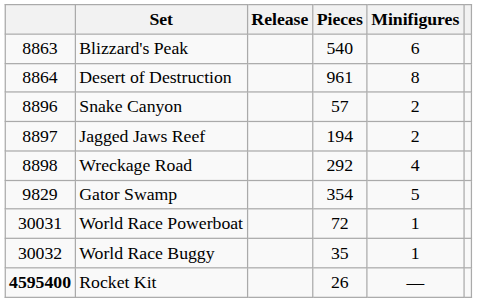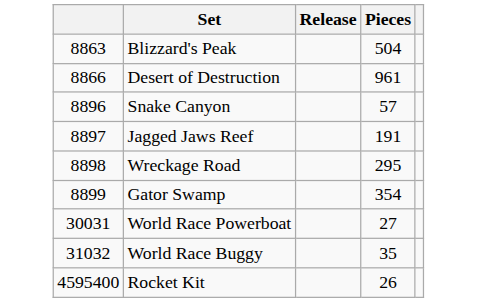 <table class="sortable wikitable" style="font-size:90%; text-align:center; margin: 1em auto 1em auto">
 <tr>
 <th></th>
 <th>Set</th>
 <th>Release</th>
 <th>Pieces</th>
-<th>Minifigures</th>
 <th class="unsortable"></th>
 </tr>
 <tr>
 <td>8863</td>
 <td align=left>Blizzard's Peak</td>
 <td align=left></td>
-<td>540</td>
-<td>6</td>
+<td>504</td>
 <td align=left></td>
 </tr>
 <tr>
-<td>8864</td>
+<td>8866</td>
 <td align=left>Desert of Destruction</td>
 <td align=left></td>
 <td>961</td>
-<td>8</td>
 <td align=left></td>
 </tr>
 <tr>
 <td>8896</td>
 <td align=left>Snake Canyon</td>
 <td align=left></td>
 <td>57</td>
-<td>2</td>
 <td align=left></td>
 </tr>
 <tr>
 <td>8897</td>
 <td align=left>Jagged Jaws Reef</td>
 <td align=left></td>
-<td>194</td>
-<td>2</td>
+<td>191</td>
 <td align=left></td>
 </tr>
 <tr>
 <td>8898</td>
 <td align=left>Wreckage Road</td>
 <td align=left></td>
-<td>292</td>
-<td>4</td>
+<td>295</td>
 <td align=left></td>
 </tr>
 <tr>
-<td>9829</td>
+<td>8899</td>
 <td align=left>Gator Swamp</td>
 <td align=left></td>
 <td>354</td>
-<td>5</td>
 <td align=left></td>
 </tr>
 <tr>
 <td>30031</td>
 <td align=left>World Race Powerboat</td>
 <td align=left></td>
-<td>72</td>
-<td>1</td>
+<td>27</td>
 <td align=left></td>
 </tr>
 <tr>
-<td>30032</td>
+<td>31032</td>
 <td align=left>World Race Buggy</td>
 <td align=left></td>
 <td>35</td>
-<td>1</td>
 <td align=left></td>
 </tr>
 <tr>
-<td><strong>4595400</strong></td>
+<td>4595400</td>
 <td align=left>Rocket Kit</td>
 <td align=left></td>
 <td>26</td>
-<td>—</td>
 <td align=left></td>
 </tr>
 </table>
